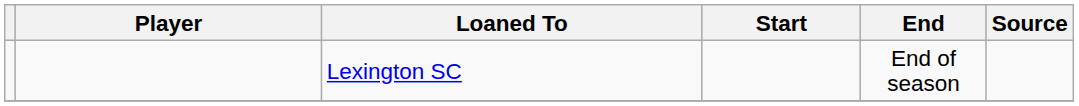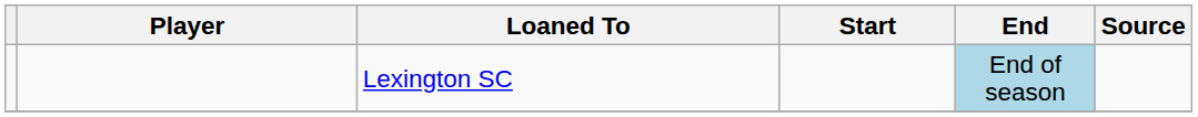 <table class="wikitable plainrowheaders sortable" style="font-size:95%">
 <tr>
 <th></th>
 <th scope="col" style="width:200px;">Player</th>
 <th scope="col" style="width:250px;">Loaned To</th>
 <th scope="col" style="width:100px;">Start</th>
 <th scope="col" style="width:78px;">End</th>
 <th>Source</th>
 </tr>
 <tr>
 <td align=center></td>
 <td></td>
 <td> <a href='#'>Lexington SC</a></td>
 <td align=center></td>
-<td align=center>End of season</td>
+<td align=center style="background: lightblue;">End of season</td>
 <td align=center></td>
 </tr>
 <tr>
 </tr>
 </table>
